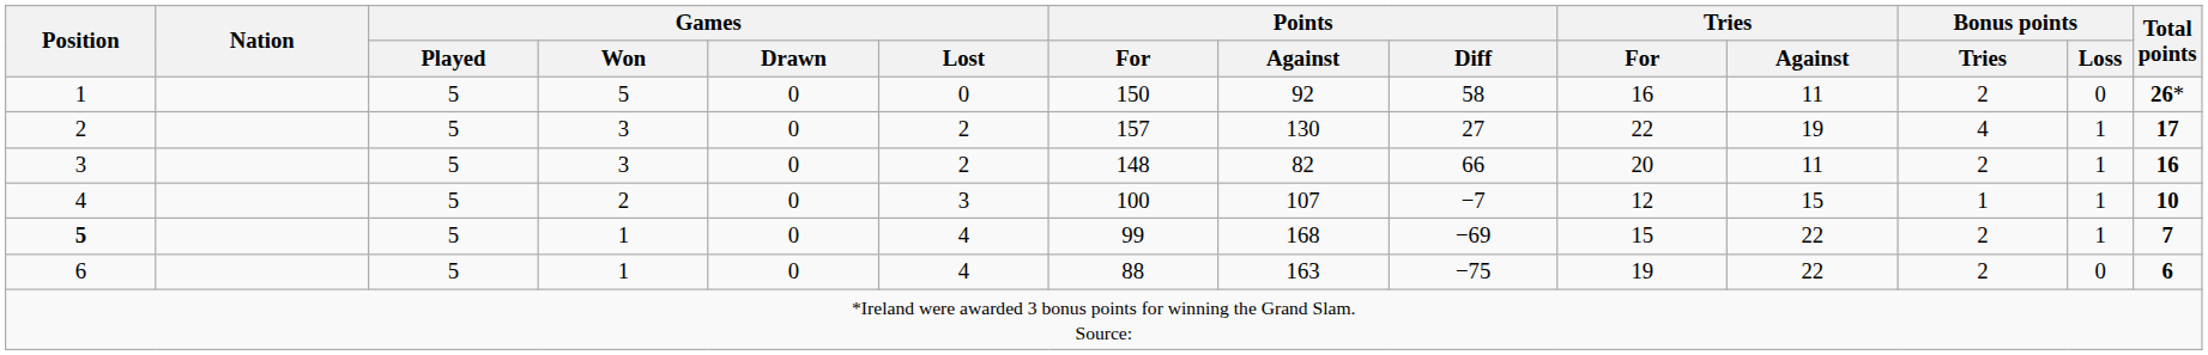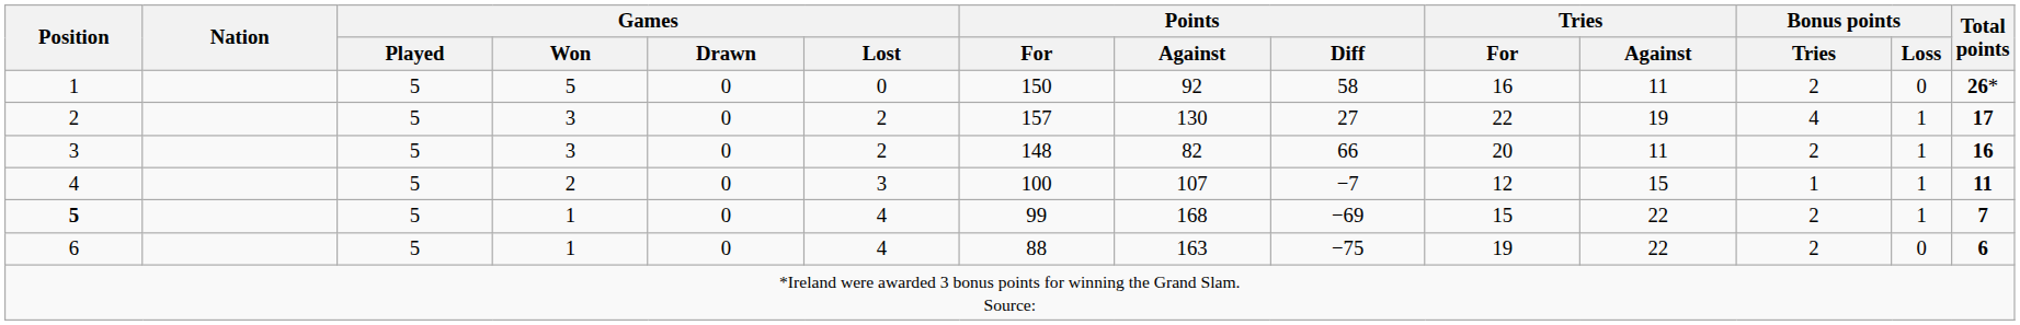 <table class="wikitable" style="text-align:center">
 <tr>
 <th rowspan="2" style="width:7%">Position</th>
 <th rowspan="2" style="width:10%">Nation</th>
 <th colspan="4" style="width:22%">Games</th>
 <th colspan="3" style="width:22%">Points</th>
 <th colspan="2" style="width:8%">Tries</th>
 <th colspan="2" style="width:18%">Bonus points <br></th>
 <th rowspan="2" style="width:10%">Total<br>points</th>
 </tr>
 <tr>
 <th style="width:8%">Played</th>
 <th style="width:8%">Won</th>
 <th style="width:8%">Drawn</th>
 <th style="width:8%">Lost</th>
 <th style="width:8%">For</th>
 <th style="width:8%">Against</th>
 <th style="width:8%">Diff</th>
 <th style="width:8%">For</th>
 <th style="width:8%">Against</th>
 <th style="width:8%">Tries</th>
 <th style="width:8%">Loss</th>
 </tr>
 <tr>
 <td>1</td>
 <td align="left"></td>
 <td>5</td>
 <td>5</td>
 <td>0</td>
 <td>0</td>
 <td>150</td>
 <td>92</td>
 <td>58</td>
 <td>16</td>
 <td>11</td>
 <td>2</td>
 <td>0</td>
 <td><strong>26</strong>*</td>
 </tr>
 <tr>
 <td>2</td>
 <td align="left"></td>
 <td>5</td>
 <td>3</td>
 <td>0</td>
 <td>2</td>
 <td>157</td>
 <td>130</td>
 <td>27</td>
 <td>22</td>
 <td>19</td>
 <td>4</td>
 <td>1</td>
 <td><strong>17</strong></td>
 </tr>
 <tr>
 <td>3</td>
 <td align="left"></td>
 <td>5</td>
 <td>3</td>
 <td>0</td>
 <td>2</td>
 <td>148</td>
 <td>82</td>
 <td>66</td>
 <td>20</td>
 <td>11</td>
 <td>2</td>
 <td>1</td>
 <td><strong>16</strong></td>
 </tr>
 <tr>
 <td>4</td>
 <td align="left"></td>
 <td>5</td>
 <td>2</td>
 <td>0</td>
 <td>3</td>
 <td>100</td>
 <td>107</td>
 <td>−7</td>
 <td>12</td>
 <td>15</td>
 <td>1</td>
 <td>1</td>
-<td><strong>10</strong></td>
+<td><strong>11</strong></td>
 </tr>
 <tr>
 <td><strong>5</strong></td>
 <td align="left"></td>
 <td>5</td>
 <td>1</td>
 <td>0</td>
 <td>4</td>
 <td>99</td>
 <td>168</td>
 <td>−69</td>
 <td>15</td>
 <td>22</td>
 <td>2</td>
 <td>1</td>
 <td><strong>7</strong></td>
 </tr>
 <tr>
 <td>6</td>
 <td align="left"></td>
 <td>5</td>
 <td>1</td>
 <td>0</td>
 <td>4</td>
 <td>88</td>
 <td>163</td>
 <td>−75</td>
 <td>19</td>
 <td>22</td>
 <td>2</td>
 <td>0</td>
 <td><strong>6</strong></td>
 </tr>
 <tr>
 <td colspan="14"><small>*Ireland were awarded 3 bonus points for winning the Grand Slam.<br>Source:  </small></td>
 </tr>
 </table>
